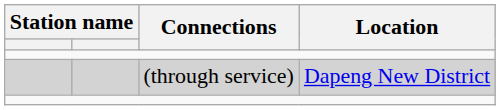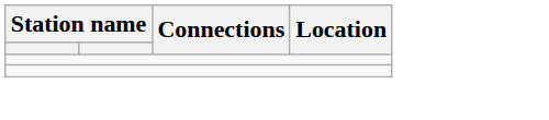 <table class="wikitable">
 <tr>
 <th colspan="2">Station name</th>
 <th rowspan="2">Connections</th>
 <th rowspan="2">Location</th>
 </tr>
 <tr>
 <th></th>
 <th></th>
 </tr>
 <tr style="background:#">
 <td colspan="4"></td>
 </tr>
-<tr bgcolor="lightgrey">
-<td></td>
-<td></td>
-<td> (through service)</td>
-<td><a href='#'>Dapeng New District</a></td>
-</tr>
 <tr style="background:#">
 <td colspan="4"></td>
 </tr>
 </table>
